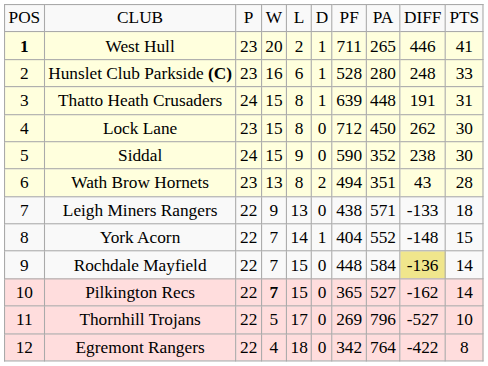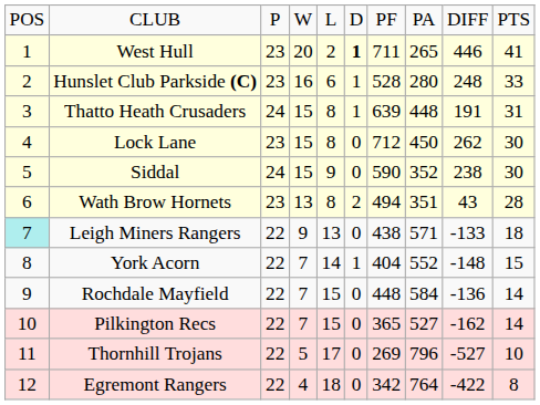 <table class="wikitable" style="text-align: center;">
 <tr>
 <td>POS</td>
 <td>CLUB</td>
 <td>P</td>
 <td>W</td>
 <td>L</td>
 <td>D</td>
 <td>PF</td>
 <td>PA</td>
 <td>DIFF</td>
 <td>PTS</td>
 </tr>
 <tr style="background:#ffffdd;">
-<td><strong>1</strong></td>
+<td>1</td>
 <td>West Hull</td>
 <td>23</td>
 <td>20</td>
 <td>2</td>
-<td>1</td>
+<td><strong>1</strong></td>
 <td>711</td>
 <td>265</td>
 <td>446</td>
 <td>41</td>
 </tr>
 <tr style="background:#ffffdd;">
 <td>2</td>
 <td>Hunslet Club Parkside <strong>(C)</strong></td>
 <td>23</td>
 <td>16</td>
 <td>6</td>
 <td>1</td>
 <td>528</td>
 <td>280</td>
 <td>248</td>
 <td>33</td>
 </tr>
 <tr style="background:#ffffdd;">
 <td>3</td>
 <td>Thatto Heath Crusaders</td>
 <td>24</td>
 <td>15</td>
 <td>8</td>
 <td>1</td>
 <td>639</td>
 <td>448</td>
 <td>191</td>
 <td>31</td>
 </tr>
 <tr style="background:#ffffdd;">
 <td>4</td>
 <td>Lock Lane</td>
 <td>23</td>
 <td>15</td>
 <td>8</td>
 <td>0</td>
 <td>712</td>
 <td>450</td>
 <td>262</td>
 <td>30</td>
 </tr>
 <tr style="background:#ffffdd;">
 <td>5</td>
 <td>Siddal</td>
 <td>24</td>
 <td>15</td>
 <td>9</td>
 <td>0</td>
 <td>590</td>
 <td>352</td>
 <td>238</td>
 <td>30</td>
 </tr>
 <tr style="background:#ffffdd;">
 <td>6</td>
 <td>Wath Brow Hornets</td>
 <td>23</td>
 <td>13</td>
 <td>8</td>
 <td>2</td>
 <td>494</td>
 <td>351</td>
 <td>43</td>
 <td>28</td>
 </tr>
 <tr>
-<td>7</td>
+<td style="background: paleturquoise;">7</td>
 <td>Leigh Miners Rangers</td>
 <td>22</td>
 <td>9</td>
 <td>13</td>
 <td>0</td>
 <td>438</td>
 <td>571</td>
 <td>-133</td>
 <td>18</td>
 </tr>
 <tr>
 <td>8</td>
 <td>York Acorn</td>
 <td>22</td>
 <td>7</td>
 <td>14</td>
 <td>1</td>
 <td>404</td>
 <td>552</td>
 <td>-148</td>
 <td>15</td>
 </tr>
 <tr>
 <td>9</td>
 <td>Rochdale Mayfield</td>
 <td>22</td>
 <td>7</td>
 <td>15</td>
 <td>0</td>
 <td>448</td>
 <td>584</td>
-<td style="background: khaki;">-136</td>
+<td>-136</td>
 <td>14</td>
 </tr>
 <tr style="background:#ffdddd;">
 <td>10</td>
 <td>Pilkington Recs</td>
 <td>22</td>
-<td><strong>7</strong></td>
+<td>7</td>
 <td>15</td>
 <td>0</td>
 <td>365</td>
 <td>527</td>
 <td>-162</td>
 <td>14</td>
 </tr>
 <tr style="background:#ffdddd;">
 <td>11</td>
 <td>Thornhill Trojans</td>
 <td>22</td>
 <td>5</td>
 <td>17</td>
 <td>0</td>
 <td>269</td>
 <td>796</td>
 <td>-527</td>
 <td>10</td>
 </tr>
 <tr style="background:#ffdddd;">
 <td>12</td>
 <td>Egremont Rangers</td>
 <td>22</td>
 <td>4</td>
 <td>18</td>
 <td>0</td>
 <td>342</td>
 <td>764</td>
 <td>-422</td>
 <td>8</td>
 </tr>
 </table>
